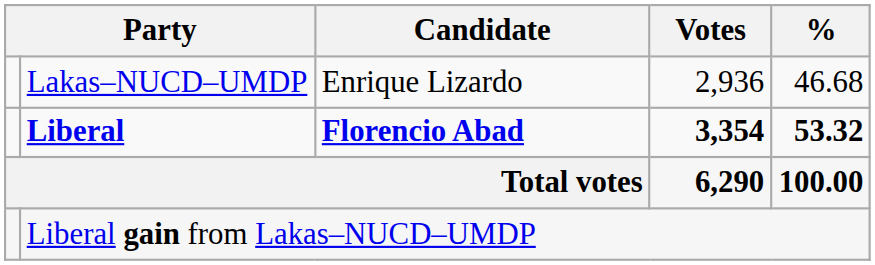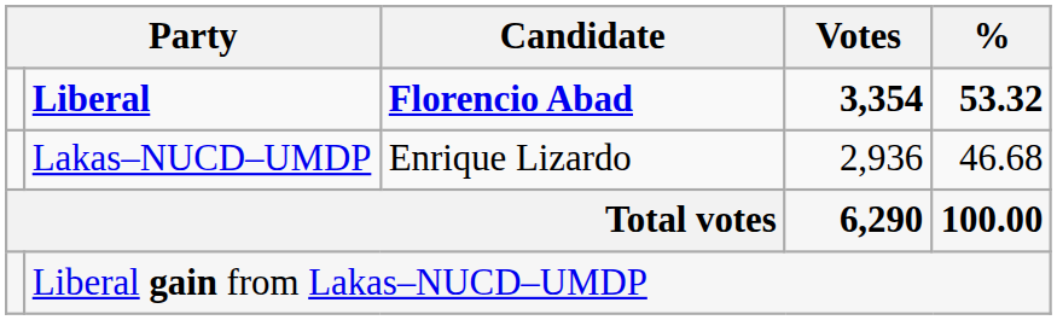 <table class="wikitable" style="font-size:90%; text-align:right;">
 <tr>
 <th colspan="2" style="width:75px;">Party</th>
 <th style="width:150px;">Candidate</th>
 <th style="width:50px;">Votes</th>
 <th style="width:10px;">%</th>
 </tr>
 <tr>
 <td style="background:"></td>
+<td style="text-align:left;"><strong><a href='#'>Liberal</a></strong></td>
+<td style="text-align:left;"><strong><a href='#'>Florencio Abad</a></strong></td>
+<td><strong>3,354</strong></td>
+<td><strong>53.32</strong></td>
+</tr>
+<tr>
+<td style="background:"></td>
 <td style="text-align:left;"><a href='#'>Lakas–NUCD–UMDP</a></td>
 <td style="text-align:left;">Enrique Lizardo</td>
 <td>2,936</td>
 <td>46.68</td>
-</tr>
-<tr>
-<td style="background:"></td>
-<td style="text-align:left;"><strong><a href='#'>Liberal</a></strong></td>
-<td style="text-align:left;"><strong><a href='#'>Florencio Abad</a></strong></td>
-<td><strong>3,354</strong></td>
-<td><strong>53.32</strong></td>
 </tr>
 <tr style="background-color:#F6F6F6">
 <th colspan="3" style="text-align:right;">Total votes</th>
 <td><strong>6,290</strong></td>
 <td><strong>100.00</strong></td>
 </tr>
 <tr style="background-color:#F6F6F6">
 <td style="background:"></td>
 <td colspan="4" style="text-align:left;"><a href='#'>Liberal</a> <strong>gain</strong> from <a href='#'>Lakas–NUCD–UMDP</a></td>
 </tr>
 </table>
